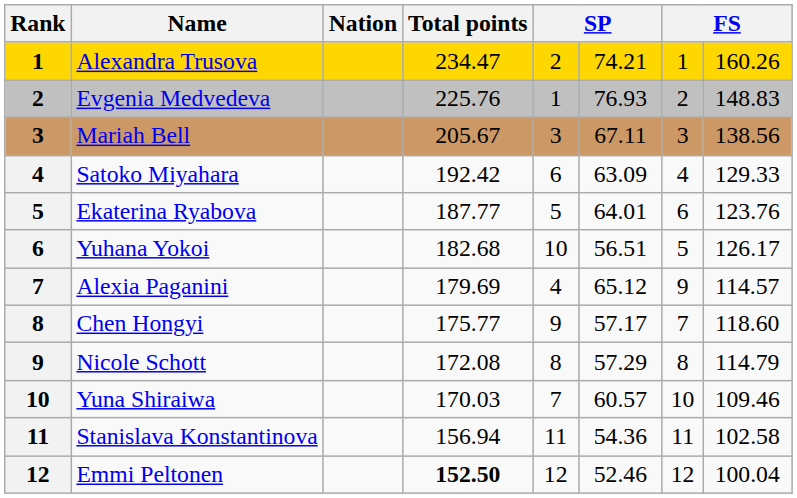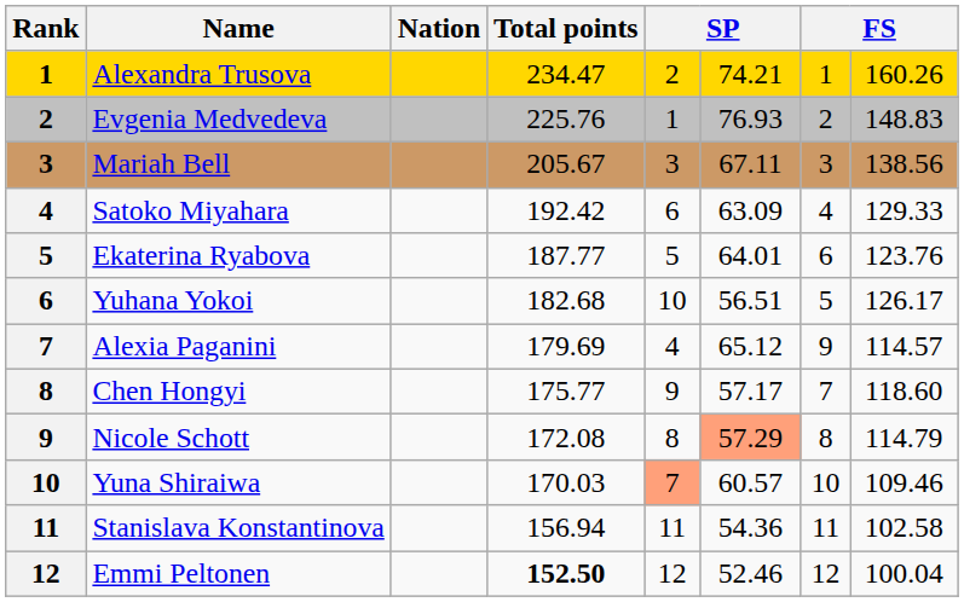 <table class="wikitable sortable">
 <tr>
 <th>Rank</th>
 <th>Name</th>
 <th>Nation</th>
 <th>Total points</th>
 <th colspan="2" width="80px"><a href='#'>SP</a></th>
 <th colspan="2" width="80px"><a href='#'>FS</a></th>
 </tr>
 <tr bgcolor="gold">
 <td align="center"><strong>1</strong></td>
 <td><a href='#'>Alexandra Trusova</a></td>
 <td></td>
 <td align="center">234.47</td>
 <td align="center">2</td>
 <td align="center">74.21</td>
 <td align="center">1</td>
 <td align="center">160.26</td>
 </tr>
 <tr bgcolor="silver">
 <td align="center"><strong>2</strong></td>
 <td><a href='#'>Evgenia Medvedeva</a></td>
 <td></td>
 <td align="center">225.76</td>
 <td align="center">1</td>
 <td align="center">76.93</td>
 <td align="center">2</td>
 <td align="center">148.83</td>
 </tr>
 <tr bgcolor="cc9966">
 <td align="center"><strong>3</strong></td>
 <td><a href='#'>Mariah Bell</a></td>
 <td></td>
 <td align="center">205.67</td>
 <td align="center">3</td>
 <td align="center">67.11</td>
 <td align="center">3</td>
 <td align="center">138.56</td>
 </tr>
 <tr>
 <th>4</th>
 <td><a href='#'>Satoko Miyahara</a></td>
 <td></td>
 <td align="center">192.42</td>
 <td align="center">6</td>
 <td align="center">63.09</td>
 <td align="center">4</td>
 <td align="center">129.33</td>
 </tr>
 <tr>
 <th>5</th>
 <td><a href='#'>Ekaterina Ryabova</a></td>
 <td></td>
 <td align="center">187.77</td>
 <td align="center">5</td>
 <td align="center">64.01</td>
 <td align="center">6</td>
 <td align="center">123.76</td>
 </tr>
 <tr>
 <th>6</th>
 <td><a href='#'>Yuhana Yokoi</a></td>
 <td></td>
 <td align="center">182.68</td>
 <td align="center">10</td>
 <td align="center">56.51</td>
 <td align="center">5</td>
 <td align="center">126.17</td>
 </tr>
 <tr>
 <th>7</th>
 <td><a href='#'>Alexia Paganini</a></td>
 <td></td>
 <td align="center">179.69</td>
 <td align="center">4</td>
 <td align="center">65.12</td>
 <td align="center">9</td>
 <td align="center">114.57</td>
 </tr>
 <tr>
 <th>8</th>
 <td><a href='#'>Chen Hongyi</a></td>
 <td></td>
 <td align="center">175.77</td>
 <td align="center">9</td>
 <td align="center">57.17</td>
 <td align="center">7</td>
 <td align="center">118.60</td>
 </tr>
 <tr>
 <th>9</th>
 <td><a href='#'>Nicole Schott</a></td>
 <td></td>
 <td align="center">172.08</td>
 <td align="center">8</td>
-<td align="center">57.29</td>
+<td align="center" style="background: lightsalmon;">57.29</td>
 <td align="center">8</td>
 <td align="center">114.79</td>
 </tr>
 <tr>
 <th>10</th>
 <td><a href='#'>Yuna Shiraiwa</a></td>
 <td></td>
 <td align="center">170.03</td>
-<td align="center">7</td>
+<td align="center" style="background: lightsalmon;">7</td>
 <td align="center">60.57</td>
 <td align="center">10</td>
 <td align="center">109.46</td>
 </tr>
 <tr>
 <th>11</th>
 <td><a href='#'>Stanislava Konstantinova</a></td>
 <td></td>
 <td align="center">156.94</td>
 <td align="center">11</td>
 <td align="center">54.36</td>
 <td align="center">11</td>
 <td align="center">102.58</td>
 </tr>
 <tr>
 <th>12</th>
 <td><a href='#'>Emmi Peltonen</a></td>
 <td></td>
 <td align="center"><strong>152.50</strong></td>
 <td align="center">12</td>
 <td align="center">52.46</td>
 <td align="center">12</td>
 <td align="center">100.04</td>
 </tr>
 </table>
